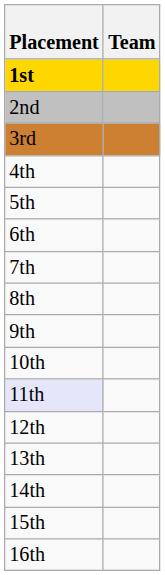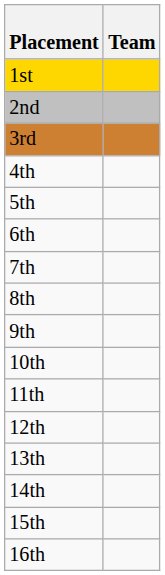 <table class="wikitable">
 <tr>
 <th><br>Placement</th>
 <th><br>Team</th>
 </tr>
 <tr bgcolor=#FFD700>
-<td><strong>1st</strong></td>
+<td>1st</td>
 <td></td>
 </tr>
 <tr bgcolor=#C0C0C0>
 <td>2nd</td>
 <td></td>
 </tr>
 <tr bgcolor=#cd7f32>
 <td>3rd</td>
 <td></td>
 </tr>
 <tr>
 <td>4th</td>
 <td></td>
 </tr>
 <tr>
 <td>5th</td>
 <td></td>
 </tr>
 <tr>
 <td>6th</td>
 <td></td>
 </tr>
 <tr>
 <td>7th</td>
 <td></td>
 </tr>
 <tr>
 <td>8th</td>
 <td></td>
 </tr>
 <tr>
 <td>9th</td>
 <td></td>
 </tr>
 <tr>
 <td>10th</td>
 <td></td>
 </tr>
 <tr>
-<td style="background: lavender;">11th</td>
+<td>11th</td>
 <td></td>
 </tr>
 <tr>
 <td>12th</td>
 <td></td>
 </tr>
 <tr>
 <td>13th</td>
 <td></td>
 </tr>
 <tr>
 <td>14th</td>
 <td></td>
 </tr>
 <tr>
 <td>15th</td>
 <td></td>
 </tr>
 <tr>
 <td>16th</td>
 <td></td>
 </tr>
 </table>
